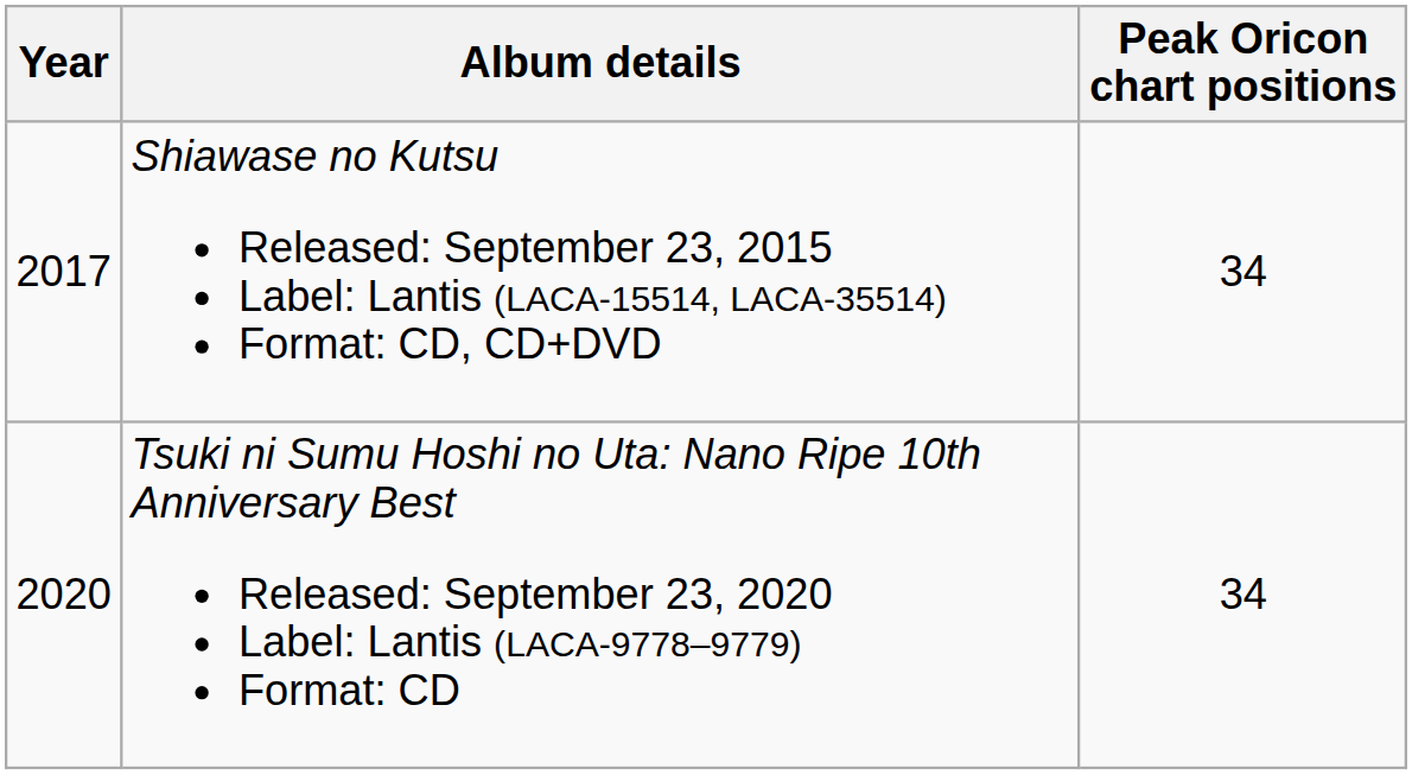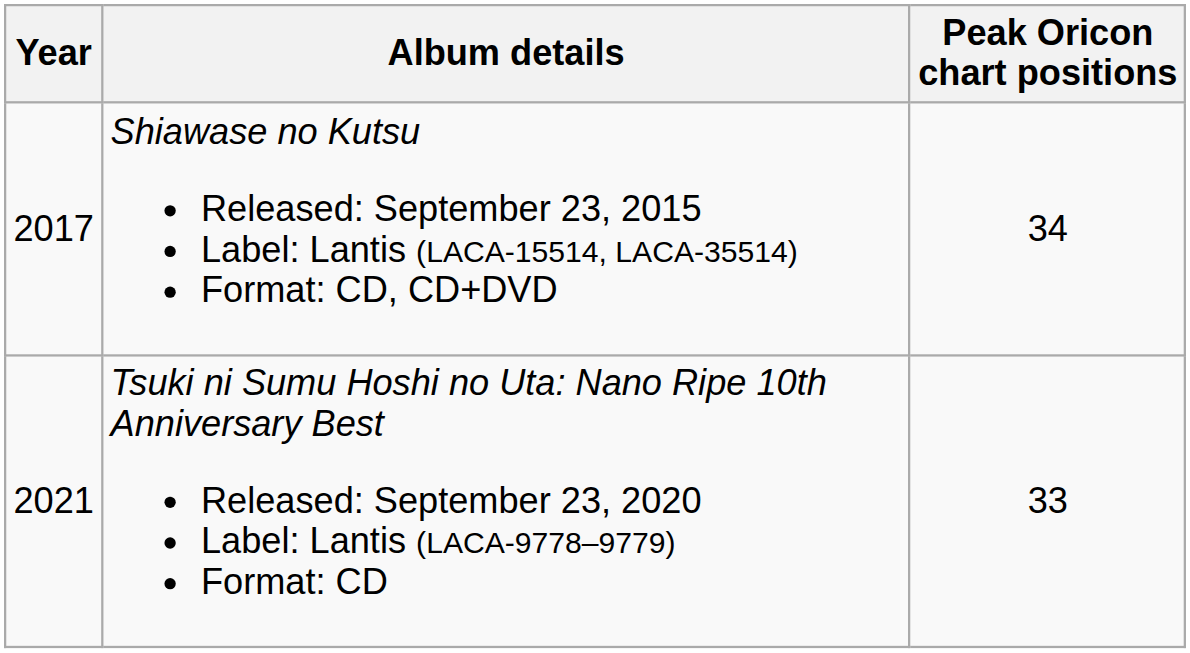 <table class="wikitable" border="1">
 <tr>
 <th rowspan="1">Year</th>
 <th rowspan="1" width="350">Album details</th>
 <th colspan="1">Peak Oricon<br> chart positions</th>
 </tr>
 <tr>
 <td>2017</td>
 <td align="left"><em>Shiawase no Kutsu</em><br><ul><li>Released: September 23, 2015</li><li>Label:  Lantis <small>(LACA-15514, LACA-35514)</small></li><li>Format: CD, CD+DVD</li></ul></td>
 <td align="center">34</td>
 </tr>
 <tr>
-<td>2020</td>
+<td>2021</td>
 <td align="left"><em>Tsuki ni Sumu Hoshi no Uta: Nano Ripe 10th Anniversary Best</em><br><ul><li>Released: September 23, 2020</li><li>Label: Lantis <small>(LACA-9778–9779)</small></li><li>Format: CD</li></ul></td>
-<td align="center">34</td>
+<td align="center">33</td>
 </tr>
 </table>
